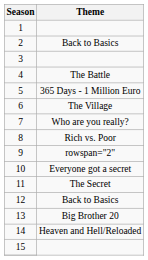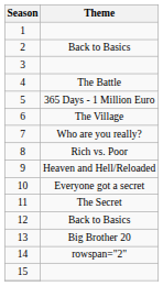 <table class="wikitable" style="text-align:center; font-size:90%;">
 <tr>
 <th>Season</th>
 <th>Theme</th>
 </tr>
 <tr>
 <td>1</td>
 <td></td>
 </tr>
 <tr>
 <td>2</td>
 <td>Back to Basics</td>
 </tr>
 <tr>
 <td>3</td>
 <td></td>
 </tr>
 <tr>
 <td>4</td>
 <td>The Battle</td>
 </tr>
 <tr>
 <td>5</td>
 <td>365 Days - 1 Million Euro</td>
 </tr>
 <tr>
 <td>6</td>
 <td>The Village</td>
 </tr>
 <tr>
 <td>7</td>
 <td>Who are you really?</td>
 </tr>
 <tr>
 <td>8</td>
 <td>Rich vs. Poor</td>
 </tr>
 <tr>
 <td>9</td>
-<td>rowspan="2" </td>
+<td>Heaven and Hell/Reloaded</td>
 </tr>
 <tr>
 <td>10</td>
 <td>Everyone got a secret</td>
 </tr>
 <tr>
 <td>11</td>
 <td>The Secret</td>
 </tr>
 <tr>
 <td>12</td>
 <td>Back to Basics</td>
 </tr>
 <tr>
 <td>13</td>
 <td>Big Brother 20</td>
 </tr>
 <tr>
 <td>14</td>
-<td>Heaven and Hell/Reloaded</td>
+<td>rowspan="2" </td>
 </tr>
 <tr>
 <td>15</td>
 </tr>
 <tr>
 </tr>
 </table>
